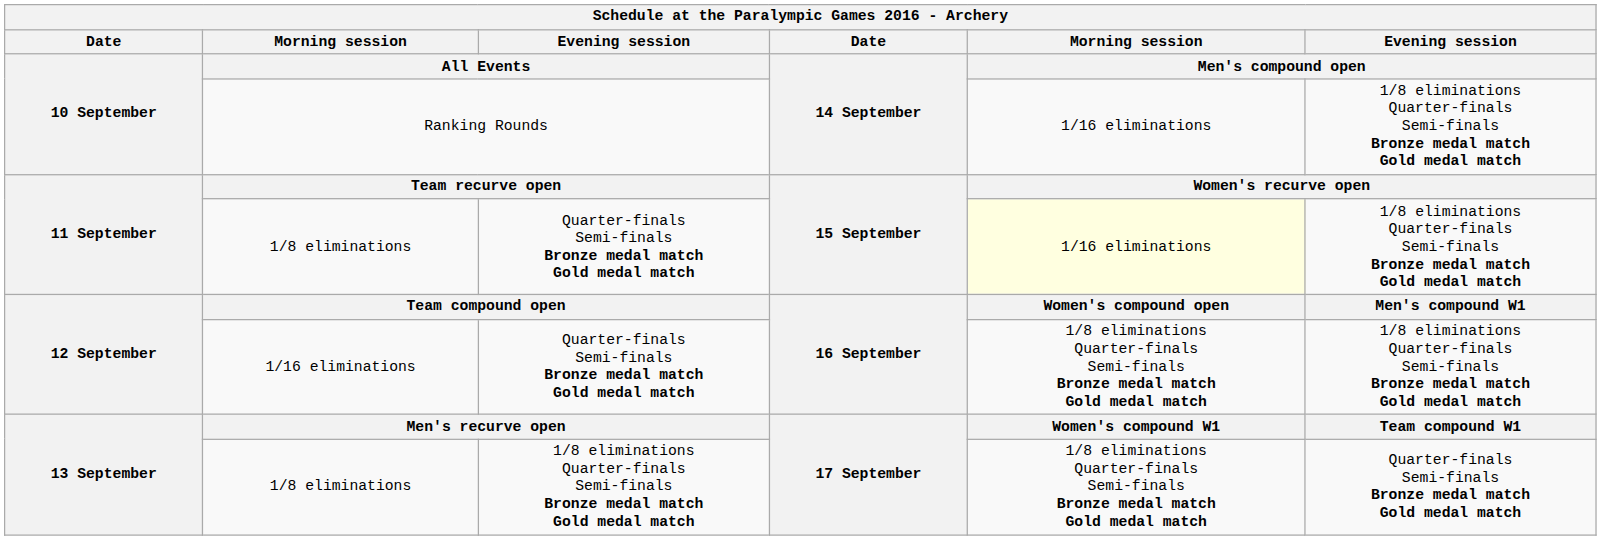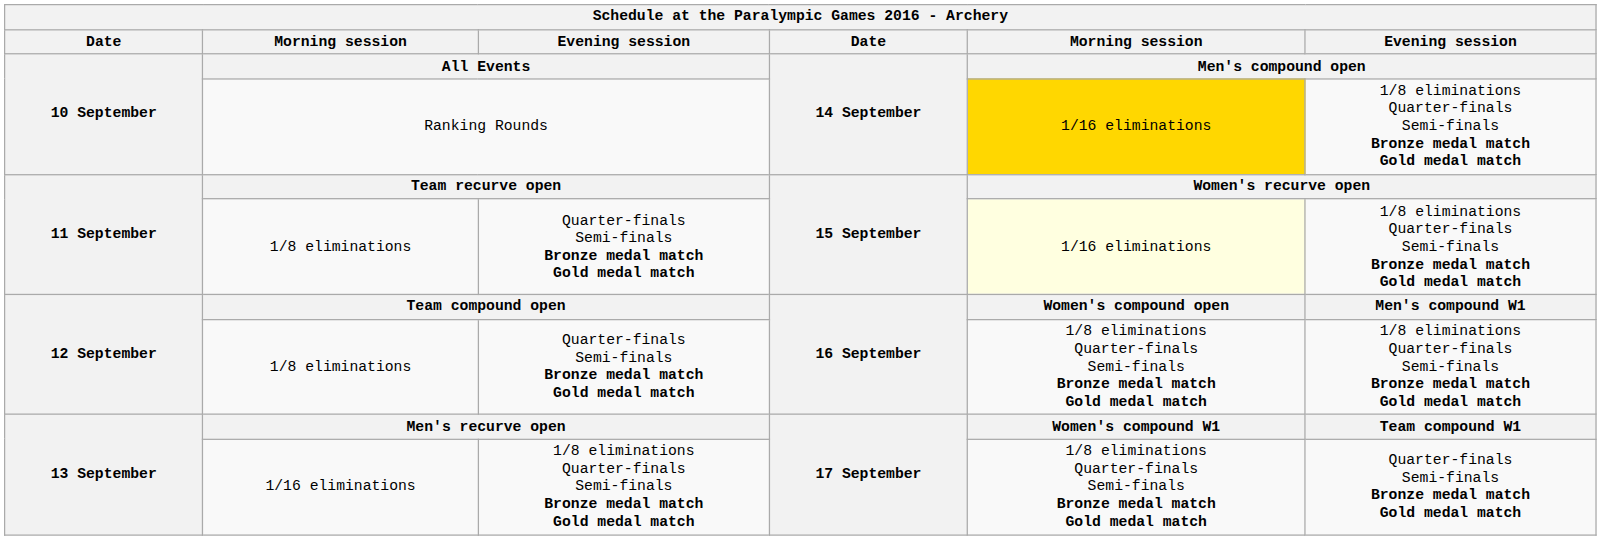 <table class="wikitable"  style="width:100%; font-size:90%;text-align:center;">
 <tr>
 <th colspan="6">Schedule at the Paralympic Games 2016 - Archery</th>
 </tr>
 <tr>
 <th>Date</th>
 <th>Morning session</th>
 <th>Evening session</th>
 <th>Date</th>
 <th>Morning session</th>
 <th>Evening session</th>
 </tr>
 <tr>
 <th rowspan="2">10 September</th>
 <th colspan="2"><strong>All Events</strong></th>
 <th rowspan="2">14 September</th>
 <th colspan="2"><strong>Men's compound open</strong></th>
 </tr>
 <tr>
 <td colspan="2" align="center">Ranking Rounds</td>
-<td>1/16 eliminations</td>
+<td style="background: gold;">1/16 eliminations</td>
 <td>1/8 eliminations<br>Quarter-finals<br>Semi-finals<br><strong>Bronze medal match</strong><br><strong>Gold medal match</strong><br></td>
 </tr>
 <tr>
 <th rowspan="2">11 September</th>
 <th colspan="2"><strong>Team recurve open</strong><br></th>
 <th rowspan="2">15 September</th>
 <th colspan="2"><strong>Women's recurve open</strong></th>
 </tr>
 <tr>
 <td>1/8 eliminations</td>
 <td>Quarter-finals<br>Semi-finals<br><strong>Bronze medal match</strong><br><strong>Gold medal match</strong><br></td>
 <td style="background: lightyellow;">1/16 eliminations</td>
 <td>1/8 eliminations<br>Quarter-finals<br>Semi-finals<br><strong>Bronze medal match</strong><br><strong>Gold medal match</strong><br></td>
 </tr>
 <tr>
 <th rowspan="2">12 September</th>
 <th colspan="2"><strong>Team compound open</strong><br></th>
 <th rowspan="2">16 September</th>
 <th><strong>Women's compound open</strong></th>
 <th><strong>Men's compound W1</strong></th>
 </tr>
 <tr>
-<td>1/16 eliminations</td>
+<td>1/8 eliminations</td>
 <td>Quarter-finals<br>Semi-finals<br><strong>Bronze medal match</strong><br><strong>Gold medal match</strong><br></td>
 <td>1/8 eliminations<br>Quarter-finals<br>Semi-finals<br><strong>Bronze medal match</strong><br><strong>Gold medal match</strong><br></td>
 <td>1/8 eliminations<br>Quarter-finals<br>Semi-finals<br><strong>Bronze medal match</strong><br><strong>Gold medal match</strong><br></td>
 </tr>
 <tr>
 <th rowspan="2">13 September</th>
 <th colspan="2"><strong>Men's recurve open</strong></th>
 <th rowspan="2">17 September</th>
 <th><strong>Women's compound W1</strong></th>
 <th><strong>Team compound W1</strong></th>
 </tr>
 <tr>
-<td>1/8 eliminations</td>
+<td>1/16 eliminations</td>
 <td>1/8 eliminations<br>Quarter-finals<br>Semi-finals<br><strong>Bronze medal match</strong><br><strong>Gold medal match</strong><br></td>
 <td>1/8 eliminations<br>Quarter-finals<br>Semi-finals<br><strong>Bronze medal match</strong><br><strong>Gold medal match</strong><br></td>
 <td>Quarter-finals<br>Semi-finals<br><strong>Bronze medal match</strong><br><strong>Gold medal match</strong><br></td>
 </tr>
 </table>
